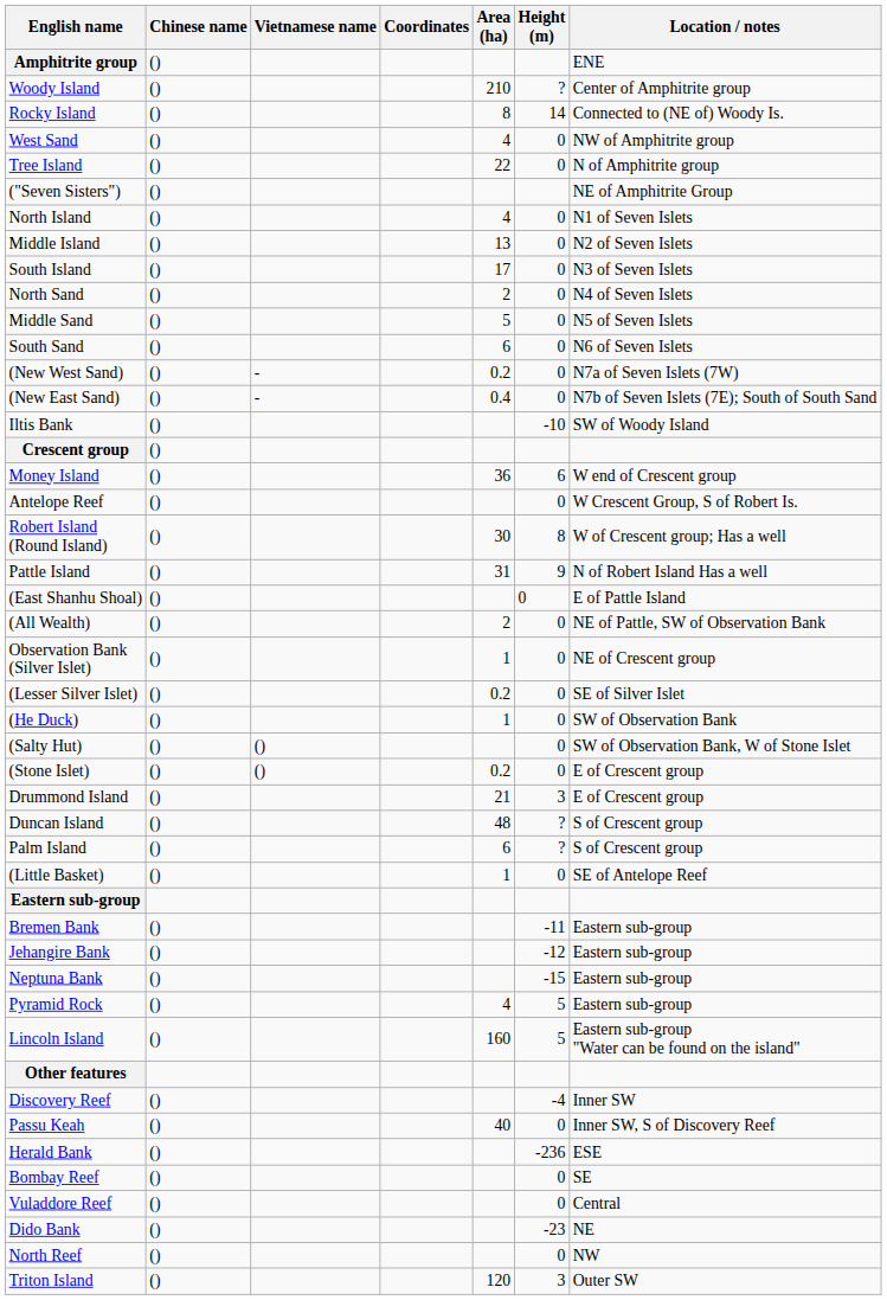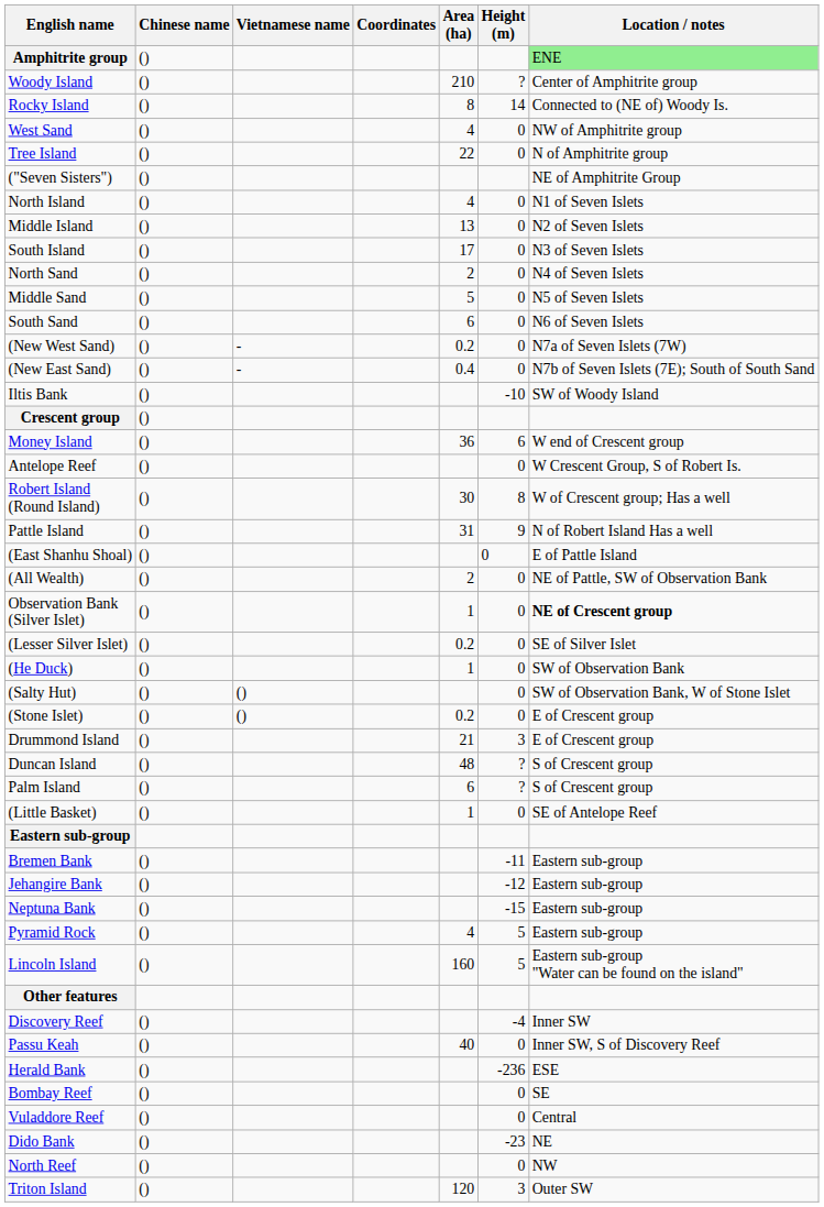 <table class="wikitable sortable">
 <tr>
 <th>English name</th>
 <th>Chinese name</th>
 <th>Vietnamese name</th>
 <th>Coordinates</th>
 <th>Area<br>(ha)</th>
 <th>Height<br>(m)</th>
 <th>Location / notes</th>
 </tr>
 <tr>
 <th scope="row">Amphitrite group</th>
 <td> ()</td>
 <td></td>
 <td></td>
 <td></td>
 <td></td>
-<td>ENE </td>
+<td style="background: lightgreen;">ENE </td>
 </tr>
 <tr>
 <td><a href='#'>Woody Island</a></td>
 <td> ()</td>
 <td></td>
 <td></td>
 <td align=right>210</td>
 <td align=right>?</td>
 <td>Center of Amphitrite group </td>
 </tr>
 <tr>
 <td><a href='#'>Rocky Island</a></td>
 <td> ()</td>
 <td></td>
 <td></td>
 <td align=right>8</td>
 <td align=right>14</td>
 <td>Connected to (NE of) Woody Is.</td>
 </tr>
 <tr>
 <td><a href='#'>West Sand</a></td>
 <td> ()</td>
 <td></td>
 <td></td>
 <td align=right>4</td>
 <td align=right>0</td>
 <td>NW of Amphitrite group</td>
 </tr>
 <tr>
 <td><a href='#'>Tree Island</a></td>
 <td> ()</td>
 <td></td>
 <td></td>
 <td align=right>22</td>
 <td align=right>0</td>
 <td>N of Amphitrite group </td>
 </tr>
 <tr>
 <td>("Seven Sisters")</td>
 <td> ()</td>
 <td></td>
 <td></td>
 <td></td>
 <td></td>
 <td>NE of Amphitrite Group</td>
 </tr>
 <tr>
 <td>North Island</td>
 <td> ()</td>
 <td></td>
 <td></td>
 <td align=right>4</td>
 <td align=right>0</td>
 <td>N1 of Seven Islets </td>
 </tr>
 <tr>
 <td>Middle Island</td>
 <td> ()</td>
 <td></td>
 <td></td>
 <td align=right>13</td>
 <td align=right>0</td>
 <td>N2 of Seven Islets</td>
 </tr>
 <tr>
 <td>South Island</td>
 <td> ()</td>
 <td></td>
 <td></td>
 <td align=right>17</td>
 <td align=right>0</td>
 <td>N3 of Seven Islets</td>
 </tr>
 <tr>
 <td>North Sand</td>
 <td> ()</td>
 <td></td>
 <td></td>
 <td align=right>2</td>
 <td align=right>0</td>
 <td>N4 of Seven Islets</td>
 </tr>
 <tr>
 <td>Middle Sand</td>
 <td> ()</td>
 <td></td>
 <td></td>
 <td align=right>5</td>
 <td align=right>0</td>
 <td>N5 of Seven Islets</td>
 </tr>
 <tr>
 <td>South Sand</td>
 <td> ()</td>
 <td></td>
 <td></td>
 <td align=right>6</td>
 <td align=right>0</td>
 <td>N6 of Seven Islets </td>
 </tr>
 <tr>
 <td>(New West Sand)</td>
 <td> ()</td>
 <td>-</td>
 <td></td>
 <td align=right>0.2</td>
 <td align=right>0</td>
 <td>N7a of Seven Islets (7W)</td>
 </tr>
 <tr>
 <td>(New East Sand)</td>
 <td> ()</td>
 <td>-</td>
 <td></td>
 <td align=right>0.4</td>
 <td align=right>0</td>
 <td>N7b of Seven Islets (7E); South of South Sand</td>
 </tr>
 <tr>
 <td>Iltis Bank</td>
 <td> ()</td>
 <td></td>
 <td></td>
 <td></td>
 <td align=right>-10</td>
 <td>SW of Woody Island </td>
 </tr>
 <tr>
 <th scope="row">Crescent group</th>
 <td> ()</td>
 <td></td>
 <td></td>
 <td align=right></td>
 <td></td>
 <td></td>
 </tr>
 <tr>
 <td><a href='#'>Money Island</a></td>
 <td> ()</td>
 <td></td>
 <td></td>
 <td align=right>36</td>
 <td align=right>6</td>
 <td>W end of Crescent group</td>
 </tr>
 <tr>
 <td>Antelope Reef</td>
 <td> ()</td>
 <td></td>
 <td></td>
 <td align=right></td>
 <td align=right>0</td>
 <td>W Crescent Group, S of Robert Is.</td>
 </tr>
 <tr>
 <td><a href='#'>Robert Island</a><br>(Round Island)</td>
 <td> ()</td>
 <td></td>
 <td></td>
 <td align=right>30</td>
 <td align=right>8</td>
 <td>W of Crescent group; Has a well</td>
 </tr>
 <tr>
 <td>Pattle Island</td>
 <td> ()</td>
 <td></td>
 <td></td>
 <td align=right>31</td>
 <td align=right>9</td>
 <td>N of Robert Island  Has a well</td>
 </tr>
 <tr>
 <td>(East Shanhu Shoal)</td>
 <td> ()</td>
 <td></td>
 <td></td>
 <td></td>
 <td>0</td>
 <td>E of Pattle Island</td>
 </tr>
 <tr>
 <td>(All Wealth)</td>
 <td> ()</td>
 <td></td>
 <td></td>
 <td align=right>2</td>
 <td align=right>0</td>
 <td>NE of Pattle, SW of Observation Bank</td>
 </tr>
 <tr>
 <td>Observation Bank<br>(Silver Islet)</td>
 <td> ()</td>
 <td></td>
 <td></td>
 <td align=right>1</td>
 <td align=right>0</td>
-<td>NE of Crescent group</td>
+<td><strong>NE of Crescent group</strong></td>
 </tr>
 <tr>
 <td>(Lesser Silver Islet)</td>
 <td> ()</td>
 <td></td>
 <td></td>
 <td align=right>0.2</td>
 <td align=right>0</td>
 <td>SE of Silver Islet</td>
 </tr>
 <tr>
 <td>(<a href='#'>He Duck</a>)</td>
 <td> ()</td>
 <td></td>
 <td></td>
 <td align=right>1</td>
 <td align=right>0</td>
 <td>SW of Observation Bank</td>
 </tr>
 <tr>
 <td>(Salty Hut)</td>
 <td> ()</td>
 <td>()</td>
 <td></td>
 <td align=right></td>
 <td align=right>0</td>
 <td>SW of Observation Bank, W of Stone Islet</td>
 </tr>
 <tr>
 <td>(Stone Islet)</td>
 <td> ()</td>
 <td>()</td>
 <td></td>
 <td align=right>0.2</td>
 <td align=right>0</td>
 <td>E of Crescent group</td>
 </tr>
 <tr>
 <td>Drummond Island</td>
 <td> ()</td>
 <td></td>
 <td></td>
 <td align=right>21</td>
 <td align=right>3</td>
 <td>E of Crescent group</td>
 </tr>
 <tr>
 <td>Duncan Island</td>
 <td> ()</td>
 <td></td>
 <td></td>
 <td align=right>48</td>
 <td align=right>?</td>
 <td>S of Crescent group</td>
 </tr>
 <tr>
 <td>Palm Island</td>
 <td> ()</td>
 <td></td>
 <td></td>
 <td align=right>6</td>
 <td align=right>?</td>
 <td>S of Crescent group</td>
 </tr>
 <tr>
 <td>(Little Basket)</td>
 <td> ()</td>
 <td></td>
 <td></td>
 <td align=right>1</td>
 <td align=right>0</td>
 <td>SE of Antelope Reef</td>
 </tr>
 <tr>
 <th scope="row">Eastern sub-group</th>
 <td></td>
 <td></td>
 <td></td>
 <td></td>
 <td></td>
 <td></td>
 </tr>
 <tr>
 <td><a href='#'>Bremen Bank</a></td>
 <td> ()</td>
 <td></td>
 <td></td>
 <td align=right></td>
 <td align=right>-11</td>
 <td>Eastern sub-group</td>
 </tr>
 <tr>
 <td><a href='#'>Jehangire Bank</a></td>
 <td> ()</td>
 <td></td>
 <td></td>
 <td align=right></td>
 <td align=right>-12</td>
 <td>Eastern sub-group</td>
 </tr>
 <tr>
 <td><a href='#'>Neptuna Bank</a></td>
 <td> ()</td>
 <td></td>
 <td></td>
 <td align=right></td>
 <td align=right>-15</td>
 <td>Eastern sub-group</td>
 </tr>
 <tr>
 <td><a href='#'>Pyramid Rock</a></td>
 <td> ()</td>
 <td></td>
 <td></td>
 <td align=right>4</td>
 <td align=right>5</td>
 <td>Eastern sub-group </td>
 </tr>
 <tr>
 <td><a href='#'>Lincoln Island</a></td>
 <td> ()</td>
 <td></td>
 <td></td>
 <td align=right>160</td>
 <td align=right>5</td>
 <td>Eastern sub-group <br>"Water can be found on the island"</td>
 </tr>
 <tr>
 <th scope="row">Other features</th>
 <td></td>
 <td></td>
 <td></td>
 <td></td>
 <td></td>
 <td></td>
 </tr>
 <tr>
 <td><a href='#'>Discovery Reef</a></td>
 <td> ()</td>
 <td></td>
 <td></td>
 <td align=right></td>
 <td align=right>-4</td>
 <td>Inner SW </td>
 </tr>
 <tr>
 <td><a href='#'>Passu Keah</a></td>
 <td> ()</td>
 <td></td>
 <td></td>
 <td align=right>40</td>
 <td align=right>0</td>
 <td>Inner SW, S of Discovery Reef<br></td>
 </tr>
 <tr>
 <td><a href='#'>Herald Bank</a></td>
 <td> ()</td>
 <td></td>
 <td></td>
 <td></td>
 <td align=right>-236</td>
 <td>ESE</td>
 </tr>
 <tr>
 <td><a href='#'>Bombay Reef</a></td>
 <td> ()</td>
 <td></td>
 <td></td>
 <td align=right></td>
 <td align=right>0</td>
 <td>SE </td>
 </tr>
 <tr>
 <td><a href='#'>Vuladdore Reef</a></td>
 <td> ()</td>
 <td></td>
 <td></td>
 <td align=right></td>
 <td align=right>0</td>
 <td>Central</td>
 </tr>
 <tr>
 <td><a href='#'>Dido Bank</a></td>
 <td> ()</td>
 <td></td>
 <td></td>
 <td></td>
 <td align=right>-23</td>
 <td>NE </td>
 </tr>
 <tr>
 <td><a href='#'>North Reef</a></td>
 <td> ()</td>
 <td></td>
 <td></td>
 <td></td>
 <td align=right>0</td>
 <td>NW </td>
 </tr>
 <tr>
 <td><a href='#'>Triton Island</a></td>
 <td> ()</td>
 <td></td>
 <td></td>
 <td align=right>120</td>
 <td align=right>3</td>
 <td>Outer SW </td>
 </tr>
 </table>
